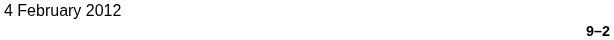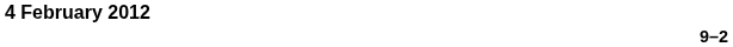 <table width=100% cellspacing=1>
 <tr>
 <th width=25%></th>
 <th width=10%></th>
 <th></th>
 </tr>
 <tr>
-<td>4 February 2012</td>
+<td><strong>4 February 2012</strong></td>
 </tr>
 <tr style=font-size:90%>
 <td align=right><strong></strong></td>
 <td align=center><strong>9–2</strong></td>
 <td><strong></strong></td>
 </tr>
 </table>
